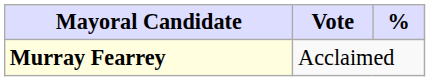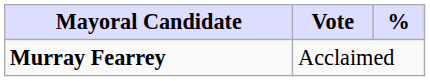 <table class="wikitable">
 <tr>
 <th style="background:#ddf; width:200px;">Mayoral  Candidate</th>
 <th style="background:#ddf; width:50px;">Vote</th>
 <th style="background:#ddf; width:30px;">%</th>
 </tr>
 <tr>
-<td style="background: lightyellow;"><strong>Murray Fearrey</strong></td>
+<td><strong>Murray Fearrey</strong></td>
 <td colspan="2">Acclaimed</td>
 </tr>
 </table>
